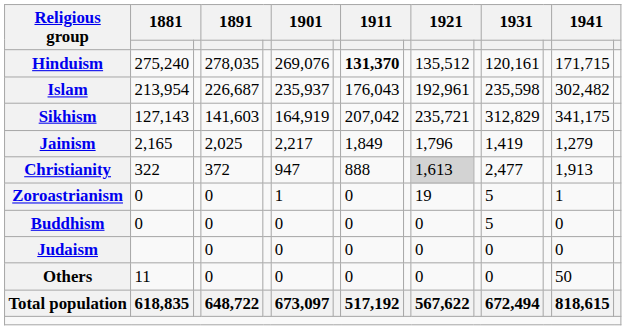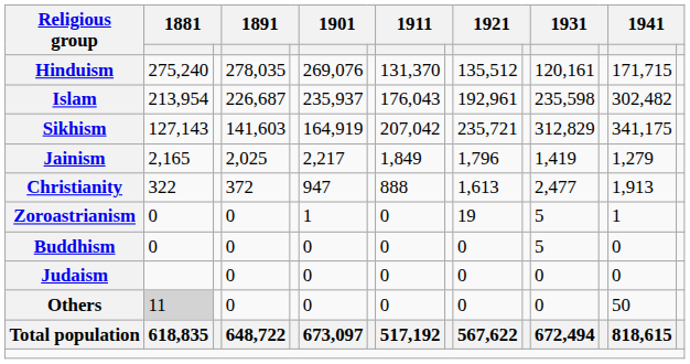 <table class="wikitable sortable">
 <tr>
 <th rowspan="2"><a href='#'>Religious</a><br>group</th>
 <th colspan="2">1881</th>
 <th colspan="2">1891</th>
 <th colspan="2">1901</th>
 <th colspan="2">1911</th>
 <th colspan="2">1921</th>
 <th colspan="2">1931</th>
 <th colspan="2">1941</th>
 </tr>
 <tr>
 <th><a href='#'></a></th>
 <th></th>
 <th></th>
 <th></th>
 <th></th>
 <th></th>
 <th></th>
 <th></th>
 <th></th>
 <th></th>
 <th></th>
 <th></th>
 <th></th>
 <th></th>
 </tr>
 <tr>
 <th><a href='#'>Hinduism</a> </th>
 <td>275,240</td>
 <td></td>
 <td>278,035</td>
 <td></td>
 <td>269,076</td>
 <td></td>
-<td><strong>131,370</strong></td>
+<td>131,370</td>
 <td></td>
 <td>135,512</td>
 <td></td>
 <td>120,161</td>
 <td></td>
 <td>171,715</td>
 <td></td>
 </tr>
 <tr>
 <th><a href='#'>Islam</a> </th>
 <td>213,954</td>
 <td></td>
 <td>226,687</td>
 <td></td>
 <td>235,937</td>
 <td></td>
 <td>176,043</td>
 <td></td>
 <td>192,961</td>
 <td></td>
 <td>235,598</td>
 <td></td>
 <td>302,482</td>
 <td></td>
 </tr>
 <tr>
 <th><a href='#'>Sikhism</a> </th>
 <td>127,143</td>
 <td></td>
 <td>141,603</td>
 <td></td>
 <td>164,919</td>
 <td></td>
 <td>207,042</td>
 <td></td>
 <td>235,721</td>
 <td></td>
 <td>312,829</td>
 <td></td>
 <td>341,175</td>
 <td></td>
 </tr>
 <tr>
 <th><a href='#'>Jainism</a> </th>
 <td>2,165</td>
 <td></td>
 <td>2,025</td>
 <td></td>
 <td>2,217</td>
 <td></td>
 <td>1,849</td>
 <td></td>
 <td>1,796</td>
 <td></td>
 <td>1,419</td>
 <td></td>
 <td>1,279</td>
 <td></td>
 </tr>
 <tr>
 <th><a href='#'>Christianity</a> </th>
 <td>322</td>
 <td></td>
 <td>372</td>
 <td></td>
 <td>947</td>
 <td></td>
 <td>888</td>
 <td></td>
-<td style="background: lightgrey;">1,613</td>
+<td>1,613</td>
 <td></td>
 <td>2,477</td>
 <td></td>
 <td>1,913</td>
 <td></td>
 </tr>
 <tr>
 <th><a href='#'>Zoroastrianism</a> </th>
 <td>0</td>
 <td></td>
 <td>0</td>
 <td></td>
 <td>1</td>
 <td></td>
 <td>0</td>
 <td></td>
 <td>19</td>
 <td></td>
 <td>5</td>
 <td></td>
 <td>1</td>
 <td></td>
 </tr>
 <tr>
 <th><a href='#'>Buddhism</a> </th>
 <td>0</td>
 <td></td>
 <td>0</td>
 <td></td>
 <td>0</td>
 <td></td>
 <td>0</td>
 <td></td>
 <td>0</td>
 <td></td>
 <td>5</td>
 <td></td>
 <td>0</td>
 <td></td>
 </tr>
 <tr>
 <th><a href='#'>Judaism</a> </th>
 <td></td>
 <td></td>
 <td>0</td>
 <td></td>
 <td>0</td>
 <td></td>
 <td>0</td>
 <td></td>
 <td>0</td>
 <td></td>
 <td>0</td>
 <td></td>
 <td>0</td>
 <td></td>
 </tr>
 <tr>
 <th>Others</th>
-<td>11</td>
+<td style="background: lightgrey;">11</td>
 <td></td>
 <td>0</td>
 <td></td>
 <td>0</td>
 <td></td>
 <td>0</td>
 <td></td>
 <td>0</td>
 <td></td>
 <td>0</td>
 <td></td>
 <td>50</td>
 <td></td>
 </tr>
 <tr>
 <th>Total population</th>
 <th>618,835</th>
 <th></th>
 <th>648,722</th>
 <th></th>
 <th>673,097</th>
 <th></th>
 <th>517,192</th>
 <th></th>
 <th>567,622</th>
 <th></th>
 <th>672,494</th>
 <th></th>
 <th>818,615</th>
 <th></th>
 </tr>
 <tr class="sortbottom">
 <td colspan="15"></td>
 </tr>
 </table>
